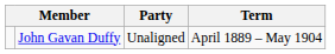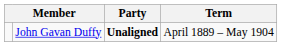 <table class="wikitable">
 <tr>
 <th colspan="2">Member</th>
 <th>Party</th>
 <th>Term</th>
 </tr>
 <tr>
 <td> </td>
 <td><a href='#'>John Gavan Duffy</a></td>
-<td>Unaligned</td>
+<td><strong>Unaligned</strong></td>
 <td>April 1889 – May 1904</td>
 </tr>
 </table>
